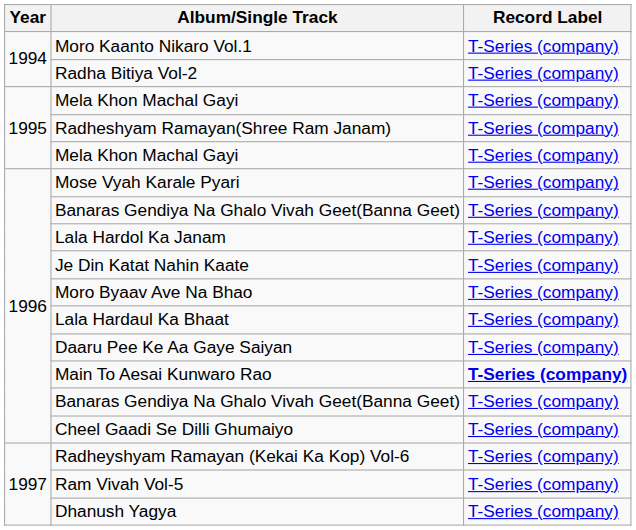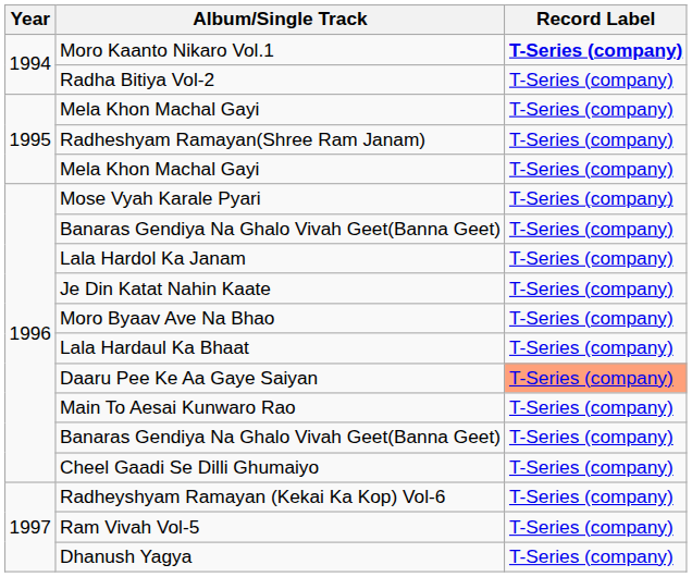 <table class="wikitable">
 <tr>
 <th>Year</th>
 <th>Album/Single Track</th>
 <th>Record Label</th>
 </tr>
 <tr>
 <td rowspan="2">1994</td>
 <td>Moro Kaanto Nikaro Vol.1</td>
-<td><a href='#'>T-Series (company)</a></td>
+<td><strong><a href='#'>T-Series (company)</a></strong></td>
 </tr>
 <tr>
 <td>Radha Bitiya Vol-2</td>
 <td><a href='#'>T-Series (company)</a></td>
 </tr>
 <tr>
 <td rowspan="3">1995</td>
 <td>Mela Khon Machal Gayi</td>
 <td><a href='#'>T-Series (company)</a></td>
 </tr>
 <tr>
 <td>Radheshyam Ramayan(Shree Ram Janam)</td>
 <td><a href='#'>T-Series (company)</a></td>
 </tr>
 <tr>
 <td>Mela Khon Machal Gayi</td>
 <td><a href='#'>T-Series (company)</a></td>
 </tr>
 <tr>
 <td rowspan="10">1996</td>
 <td>Mose Vyah Karale Pyari</td>
 <td><a href='#'>T-Series (company)</a></td>
 </tr>
 <tr>
 <td>Banaras Gendiya Na Ghalo Vivah Geet(Banna Geet)</td>
 <td><a href='#'>T-Series (company)</a></td>
 </tr>
 <tr>
 <td>Lala Hardol Ka Janam</td>
 <td><a href='#'>T-Series (company)</a></td>
 </tr>
 <tr>
 <td>Je Din Katat Nahin Kaate</td>
 <td><a href='#'>T-Series (company)</a></td>
 </tr>
 <tr>
 <td>Moro Byaav Ave Na Bhao</td>
 <td><a href='#'>T-Series (company)</a></td>
 </tr>
 <tr>
 <td>Lala Hardaul Ka Bhaat</td>
 <td><a href='#'>T-Series (company)</a></td>
 </tr>
 <tr>
 <td>Daaru Pee Ke Aa Gaye Saiyan</td>
-<td><a href='#'>T-Series (company)</a></td>
+<td style="background: lightsalmon;"><a href='#'>T-Series (company)</a></td>
 </tr>
 <tr>
 <td>Main To Aesai Kunwaro Rao</td>
-<td><strong><a href='#'>T-Series (company)</a></strong></td>
+<td><a href='#'>T-Series (company)</a></td>
 </tr>
 <tr>
 <td>Banaras Gendiya Na Ghalo Vivah Geet(Banna Geet)</td>
 <td><a href='#'>T-Series (company)</a></td>
 </tr>
 <tr>
 <td>Cheel Gaadi Se Dilli Ghumaiyo</td>
 <td><a href='#'>T-Series (company)</a></td>
 </tr>
 <tr>
 <td rowspan="3">1997</td>
 <td>Radheyshyam Ramayan (Kekai Ka Kop) Vol-6</td>
 <td><a href='#'>T-Series (company)</a></td>
 </tr>
 <tr>
 <td>Ram Vivah Vol-5</td>
 <td><a href='#'>T-Series (company)</a></td>
 </tr>
 <tr>
 <td>Dhanush Yagya</td>
 <td><a href='#'>T-Series (company)</a></td>
 </tr>
 </table>
